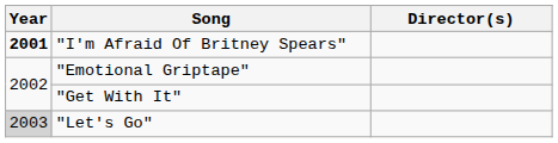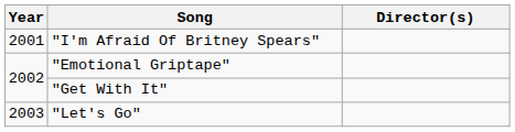 <table class="wikitable">
 <tr>
 <th>Year</th>
 <th width="250" width="210">Song</th>
 <th width="140">Director(s)</th>
 </tr>
 <tr>
-<td><strong>2001</strong></td>
+<td>2001</td>
 <td>"I'm Afraid Of Britney Spears"</td>
 <td></td>
 </tr>
 <tr>
 <td rowspan="2">2002</td>
 <td>"Emotional Griptape"</td>
 <td></td>
 </tr>
 <tr>
 <td>"Get With It"</td>
 <td></td>
 </tr>
 <tr>
-<td style="background: lightgrey;">2003</td>
+<td>2003</td>
 <td>"Let's Go"</td>
 <td></td>
 </tr>
 </table>
